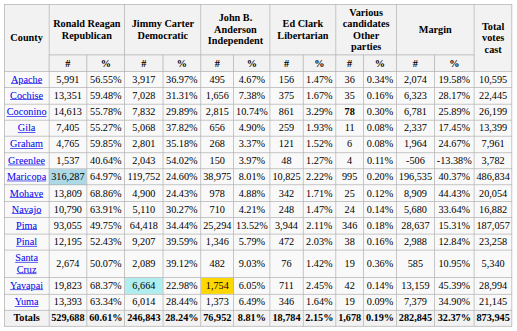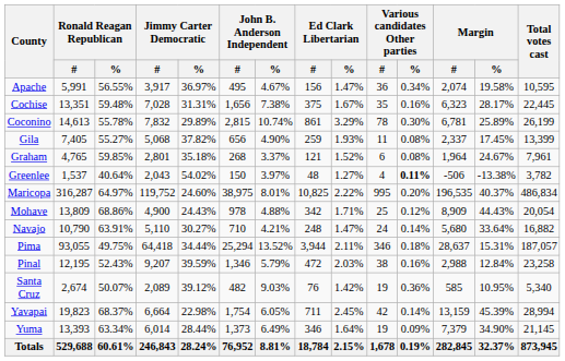 <table width="60%" class="wikitable sortable">
 <tr>
 <th rowspan="2">County</th>
 <th colspan="2">Ronald Reagan<br>Republican</th>
 <th colspan="2">Jimmy Carter<br>Democratic</th>
 <th colspan="2">John B. Anderson<br>Independent</th>
 <th colspan="2">Ed Clark<br>Libertarian</th>
 <th colspan="2">Various candidates<br>Other parties</th>
 <th colspan="2">Margin</th>
 <th rowspan="2">Total votes cast</th>
 </tr>
 <tr bgcolor="lightgrey">
 <th style="text-align:center;" data-sort-type="number">#</th>
 <th style="text-align:center;" data-sort-type="number">%</th>
 <th style="text-align:center;" data-sort-type="number">#</th>
 <th style="text-align:center;" data-sort-type="number">%</th>
 <th style="text-align:center;" data-sort-type="number">#</th>
 <th style="text-align:center;" data-sort-type="number">%</th>
 <th style="text-align:center;" data-sort-type="number">#</th>
 <th style="text-align:center;" data-sort-type="number">%</th>
 <th style="text-align:center;" data-sort-type="number">#</th>
 <th style="text-align:center;" data-sort-type="number">%</th>
 <th style="text-align:center;" data-sort-type="number">#</th>
 <th style="text-align:center;" data-sort-type="number">%</th>
 </tr>
 <tr style="text-align:center;">
 <td><a href='#'>Apache</a></td>
 <td>5,991</td>
 <td>56.55%</td>
 <td>3,917</td>
 <td>36.97%</td>
 <td>495</td>
 <td>4.67%</td>
 <td>156</td>
 <td>1.47%</td>
 <td>36</td>
 <td>0.34%</td>
 <td>2,074</td>
 <td>19.58%</td>
 <td>10,595</td>
 </tr>
 <tr style="text-align:center;">
 <td><a href='#'>Cochise</a></td>
 <td>13,351</td>
 <td>59.48%</td>
 <td>7,028</td>
 <td>31.31%</td>
 <td>1,656</td>
 <td>7.38%</td>
 <td>375</td>
 <td>1.67%</td>
 <td>35</td>
 <td>0.16%</td>
 <td>6,323</td>
 <td>28.17%</td>
 <td>22,445</td>
 </tr>
 <tr style="text-align:center;">
 <td><a href='#'>Coconino</a></td>
 <td>14,613</td>
 <td>55.78%</td>
 <td>7,832</td>
 <td>29.89%</td>
 <td>2,815</td>
 <td>10.74%</td>
 <td>861</td>
 <td>3.29%</td>
-<td><strong>78</strong></td>
+<td>78</td>
 <td>0.30%</td>
 <td>6,781</td>
 <td>25.89%</td>
 <td>26,199</td>
 </tr>
 <tr style="text-align:center;">
 <td><a href='#'>Gila</a></td>
 <td>7,405</td>
 <td>55.27%</td>
 <td>5,068</td>
 <td>37.82%</td>
 <td>656</td>
 <td>4.90%</td>
 <td>259</td>
 <td>1.93%</td>
 <td>11</td>
 <td>0.08%</td>
 <td>2,337</td>
 <td>17.45%</td>
 <td>13,399</td>
 </tr>
 <tr style="text-align:center;">
 <td><a href='#'>Graham</a></td>
 <td>4,765</td>
 <td>59.85%</td>
 <td>2,801</td>
 <td>35.18%</td>
 <td>268</td>
 <td>3.37%</td>
 <td>121</td>
 <td>1.52%</td>
 <td>6</td>
 <td>0.08%</td>
 <td>1,964</td>
 <td>24.67%</td>
 <td>7,961</td>
 </tr>
 <tr style="text-align:center;">
 <td><a href='#'>Greenlee</a></td>
 <td>1,537</td>
 <td>40.64%</td>
 <td>2,043</td>
 <td>54.02%</td>
 <td>150</td>
 <td>3.97%</td>
 <td>48</td>
 <td>1.27%</td>
 <td>4</td>
-<td>0.11%</td>
+<td><strong>0.11%</strong></td>
 <td>-506</td>
 <td>-13.38%</td>
 <td>3,782</td>
 </tr>
 <tr style="text-align:center;">
 <td><a href='#'>Maricopa</a></td>
-<td style="background: lightblue;">316,287</td>
+<td>316,287</td>
 <td>64.97%</td>
 <td>119,752</td>
 <td>24.60%</td>
 <td>38,975</td>
 <td>8.01%</td>
 <td>10,825</td>
 <td>2.22%</td>
 <td>995</td>
 <td>0.20%</td>
 <td>196,535</td>
 <td>40.37%</td>
 <td>486,834</td>
 </tr>
 <tr style="text-align:center;">
 <td><a href='#'>Mohave</a></td>
 <td>13,809</td>
 <td>68.86%</td>
 <td>4,900</td>
 <td>24.43%</td>
 <td>978</td>
 <td>4.88%</td>
 <td>342</td>
 <td>1.71%</td>
 <td>25</td>
 <td>0.12%</td>
 <td>8,909</td>
 <td>44.43%</td>
 <td>20,054</td>
 </tr>
 <tr style="text-align:center;">
 <td><a href='#'>Navajo</a></td>
 <td>10,790</td>
 <td>63.91%</td>
 <td>5,110</td>
 <td>30.27%</td>
 <td>710</td>
 <td>4.21%</td>
 <td>248</td>
 <td>1.47%</td>
 <td>24</td>
 <td>0.14%</td>
 <td>5,680</td>
 <td>33.64%</td>
 <td>16,882</td>
 </tr>
 <tr style="text-align:center;">
 <td><a href='#'>Pima</a></td>
 <td>93,055</td>
 <td>49.75%</td>
 <td>64,418</td>
 <td>34.44%</td>
 <td>25,294</td>
 <td>13.52%</td>
 <td>3,944</td>
 <td>2.11%</td>
 <td>346</td>
 <td>0.18%</td>
 <td>28,637</td>
 <td>15.31%</td>
 <td>187,057</td>
 </tr>
 <tr style="text-align:center;">
 <td><a href='#'>Pinal</a></td>
 <td>12,195</td>
 <td>52.43%</td>
 <td>9,207</td>
 <td>39.59%</td>
 <td>1,346</td>
 <td>5.79%</td>
 <td>472</td>
 <td>2.03%</td>
 <td>38</td>
 <td>0.16%</td>
 <td>2,988</td>
 <td>12.84%</td>
 <td>23,258</td>
 </tr>
 <tr style="text-align:center;">
 <td><a href='#'>Santa Cruz</a></td>
 <td>2,674</td>
 <td>50.07%</td>
 <td>2,089</td>
 <td>39.12%</td>
 <td>482</td>
 <td>9.03%</td>
 <td>76</td>
 <td>1.42%</td>
 <td>19</td>
 <td>0.36%</td>
 <td>585</td>
 <td>10.95%</td>
 <td>5,340</td>
 </tr>
 <tr style="text-align:center;">
 <td><a href='#'>Yavapai</a></td>
 <td>19,823</td>
 <td>68.37%</td>
-<td style="background: paleturquoise;">6,664</td>
+<td>6,664</td>
 <td>22.98%</td>
-<td style="background: gold;">1,754</td>
+<td>1,754</td>
 <td>6.05%</td>
 <td>711</td>
 <td>2.45%</td>
 <td>42</td>
 <td>0.14%</td>
 <td>13,159</td>
 <td>45.39%</td>
 <td>28,994</td>
 </tr>
 <tr style="text-align:center;">
 <td><a href='#'>Yuma</a></td>
 <td>13,393</td>
 <td>63.34%</td>
 <td>6,014</td>
 <td>28.44%</td>
 <td>1,373</td>
 <td>6.49%</td>
 <td>346</td>
 <td>1.64%</td>
 <td>19</td>
 <td>0.09%</td>
 <td>7,379</td>
 <td>34.90%</td>
 <td>21,145</td>
 </tr>
 <tr>
 <th>Totals</th>
 <th>529,688</th>
 <th>60.61%</th>
 <th>246,843</th>
 <th>28.24%</th>
 <th>76,952</th>
 <th>8.81%</th>
 <th>18,784</th>
 <th>2.15%</th>
 <th>1,678</th>
 <th>0.19%</th>
 <th>282,845</th>
 <th>32.37%</th>
 <th>873,945</th>
 </tr>
 </table>
